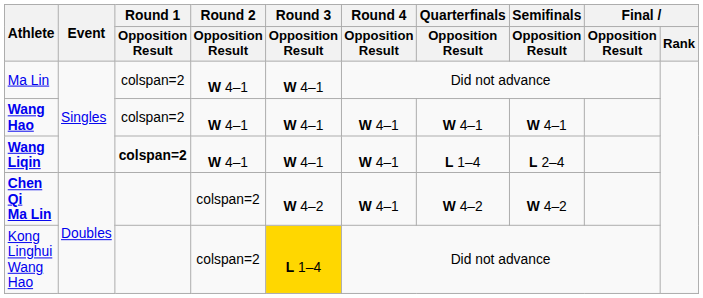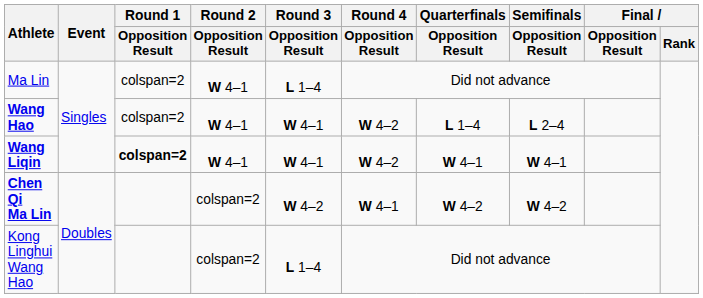 <table class="wikitable" style="font-size:90%">
 <tr>
 <th rowspan="2">Athlete</th>
 <th rowspan="2">Event</th>
 <th>Round 1</th>
 <th>Round 2</th>
 <th>Round 3</th>
 <th>Round 4</th>
 <th>Quarterfinals</th>
 <th>Semifinals</th>
 <th colspan=2>Final / </th>
 </tr>
 <tr style="font-size:95%">
 <th>Opposition<br>Result</th>
 <th>Opposition<br>Result</th>
 <th>Opposition<br>Result</th>
 <th>Opposition<br>Result</th>
 <th>Opposition<br>Result</th>
 <th>Opposition<br>Result</th>
 <th>Opposition<br>Result</th>
 <th>Rank</th>
 </tr>
 <tr align=center>
 <td align=left><a href='#'>Ma Lin</a></td>
 <td style="text-align:left;" rowspan="3"><a href='#'>Singles</a></td>
 <td>colspan=2 </td>
 <td><br><strong>W</strong> 4–1</td>
-<td><br><strong>W</strong> 4–1</td>
+<td><br><strong>L</strong> 1–4</td>
 <td colspan=4>Did not advance</td>
 </tr>
 <tr align=center>
 <td align=left><strong><a href='#'>Wang Hao</a></strong></td>
 <td>colspan=2 </td>
 <td><br><strong>W</strong> 4–1</td>
 <td><br><strong>W</strong> 4–1</td>
-<td><br><strong>W</strong> 4–1</td>
-<td><br><strong>W</strong> 4–1</td>
-<td><br><strong>W</strong> 4–1</td>
+<td><br><strong>W</strong> 4–2</td>
+<td><br><strong>L</strong> 1–4</td>
+<td><br><strong>L</strong> 2–4</td>
 <td></td>
 </tr>
 <tr align=center>
 <td align=left><strong><a href='#'>Wang Liqin</a></strong></td>
 <td><strong>colspan=2 </strong></td>
 <td><br><strong>W</strong> 4–1</td>
 <td><br><strong>W</strong> 4–1</td>
+<td><br><strong>W</strong> 4–2</td>
 <td><br><strong>W</strong> 4–1</td>
-<td><br><strong>L</strong> 1–4</td>
-<td><br><strong>L</strong> 2–4</td>
+<td><br><strong>W</strong> 4–1</td>
 <td></td>
 </tr>
 <tr align=center>
 <td align=left><strong><a href='#'>Chen Qi</a><br><a href='#'>Ma Lin</a></strong></td>
 <td style="text-align:left;" rowspan="2"><a href='#'>Doubles</a></td>
 <td></td>
 <td>colspan=2 </td>
 <td><br> <strong>W</strong> 4–2</td>
 <td><br><strong>W</strong> 4–1</td>
 <td><br> <strong>W</strong> 4–2</td>
 <td><br><strong>W</strong> 4–2</td>
 <td></td>
 </tr>
 <tr align=center>
 <td align=left><a href='#'>Kong Linghui</a><br><a href='#'>Wang Hao</a></td>
 <td></td>
 <td>colspan=2 </td>
-<td style="background: gold;"><br><strong>L</strong> 1–4</td>
+<td><br><strong>L</strong> 1–4</td>
 <td colspan=4>Did not advance</td>
 </tr>
 </table>
